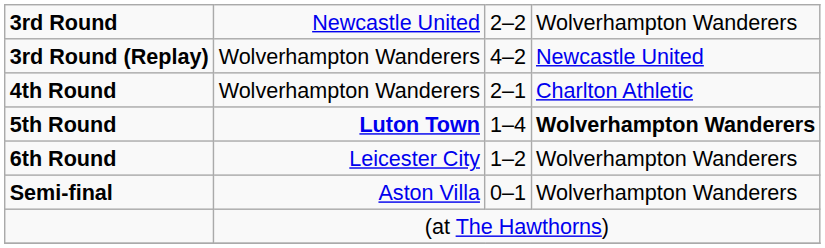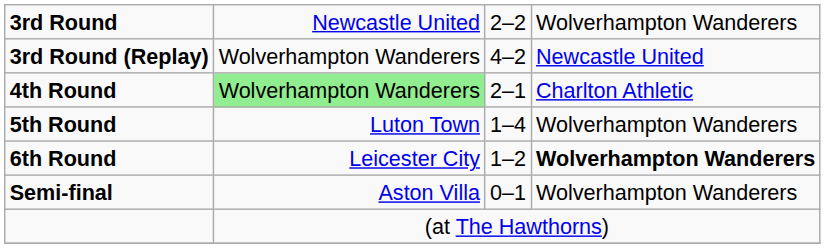 <table class="wikitable" style="font-size: 95%;">
 <tr>
 <td><strong>3rd Round</strong></td>
 <td align=right><a href='#'>Newcastle United</a></td>
 <td>2–2</td>
 <td>Wolverhampton Wanderers</td>
 </tr>
 <tr>
 <td><strong>3rd Round (Replay)</strong></td>
 <td align=right>Wolverhampton Wanderers</td>
 <td>4–2</td>
 <td><a href='#'>Newcastle United</a></td>
 </tr>
 <tr>
 <td><strong>4th Round</strong></td>
-<td align=right>Wolverhampton Wanderers</td>
+<td align=right style="background: lightgreen;">Wolverhampton Wanderers</td>
 <td>2–1</td>
 <td><a href='#'>Charlton Athletic</a></td>
 </tr>
 <tr>
 <td><strong>5th Round</strong></td>
-<td align=right><strong><a href='#'>Luton Town</a></strong></td>
+<td align=right><a href='#'>Luton Town</a></td>
 <td>1–4</td>
-<td><strong>Wolverhampton Wanderers</strong></td>
+<td>Wolverhampton Wanderers</td>
 </tr>
 <tr>
 <td><strong>6th Round</strong></td>
 <td align=right><a href='#'>Leicester City</a></td>
 <td>1–2</td>
-<td>Wolverhampton Wanderers</td>
+<td><strong>Wolverhampton Wanderers</strong></td>
 </tr>
 <tr>
 <td><strong>Semi-final</strong></td>
 <td align=right><a href='#'>Aston Villa</a></td>
 <td>0–1</td>
 <td>Wolverhampton Wanderers</td>
 </tr>
 <tr>
 <td> </td>
 <td colspan=4 align=center>(at <a href='#'>The Hawthorns</a>)</td>
 </tr>
 <tr>
 </tr>
 </table>
